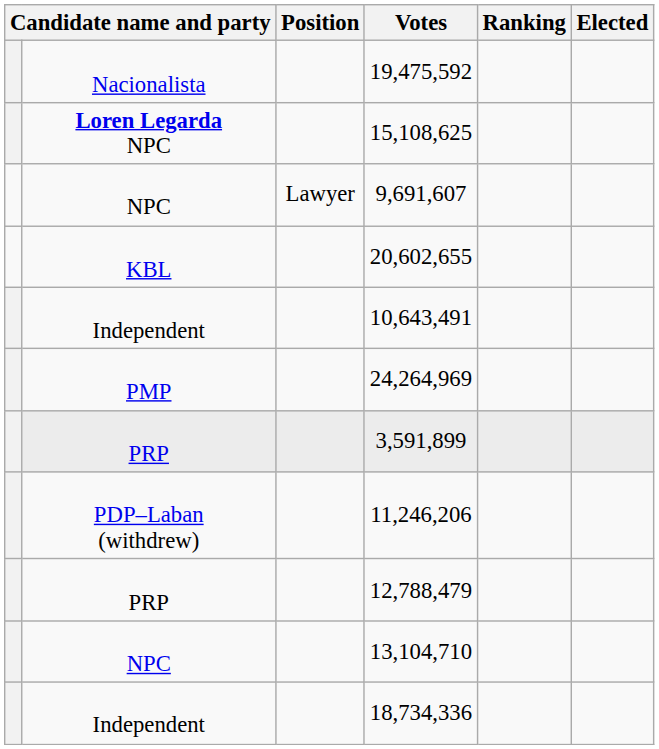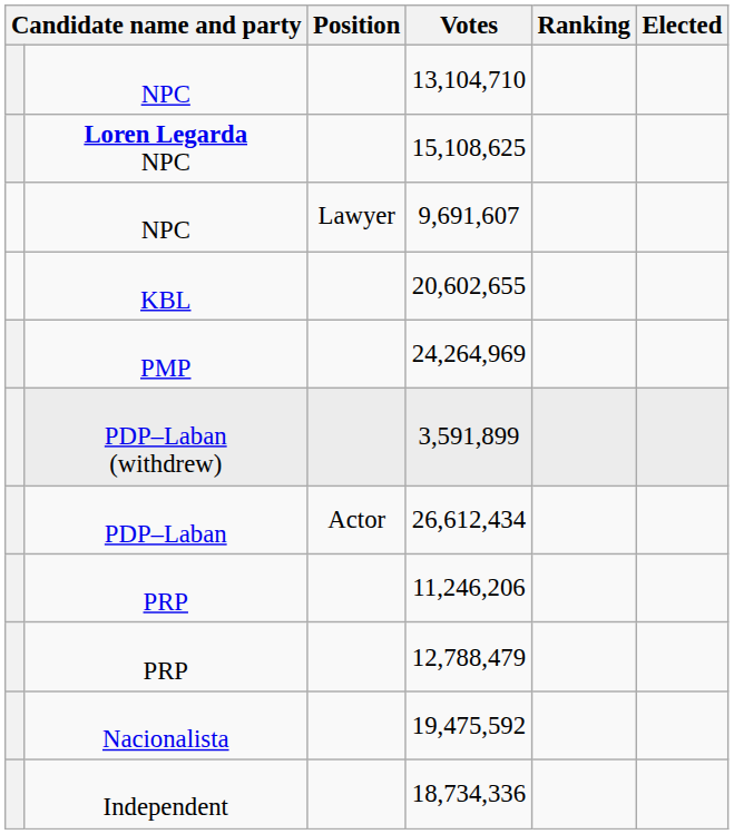 <table class="wikitable sortable" style="text-align:center;font-size:100%;">
 <tr>
 <th colspan="2">Candidate name and party</th>
 <th>Position</th>
 <th>Votes</th>
 <th>Ranking</th>
 <th>Elected</th>
 </tr>
 <tr>
 <th style="background:"></th>
-<td><strong></strong><br><a href='#'>Nacionalista</a></td>
+<td><strong></strong><br><a href='#'>NPC</a></td>
 <td></td>
-<td>19,475,592</td>
+<td>13,104,710</td>
 <td></td>
 <td></td>
 </tr>
 <tr>
 <th style="background:"></th>
 <td><strong><a href='#'>Loren Legarda</a></strong><br>NPC</td>
 <td></td>
 <td>15,108,625</td>
 <td></td>
 <td></td>
 </tr>
 <tr>
 <td style="background:"></td>
 <td><strong></strong><br>NPC</td>
 <td>Lawyer</td>
 <td>9,691,607</td>
 <td></td>
 <td></td>
 </tr>
 <tr>
 <td style="background:"></td>
 <td><strong></strong><br><a href='#'>KBL</a></td>
 <td></td>
 <td>20,602,655</td>
 <td></td>
 <td></td>
 </tr>
 <tr>
-<th></th>
-<td><strong></strong><br>Independent</td>
-<td></td>
-<td>10,643,491</td>
-<td></td>
-<td></td>
-</tr>
-<tr>
 <th style="background:"></th>
 <td><strong></strong><br><a href='#'>PMP</a></td>
 <td></td>
 <td>24,264,969</td>
 <td></td>
 <td></td>
 </tr>
 <tr style="background:#ececec;">
 <th style="background:"></th>
-<td><strong></strong><br><a href='#'>PRP</a></td>
+<td><strong></strong><br><a href='#'>PDP–Laban</a><br>(withdrew)</td>
 <td></td>
 <td>3,591,899 </td>
 <td></td>
 <td></td>
 </tr>
 <tr>
 <th style="background:"></th>
-<td><strong></strong><br><a href='#'>PDP–Laban</a><br>(withdrew)</td>
+<td><strong></strong><br><a href='#'>PDP–Laban</a></td>
+<td>Actor</td>
+<td>26,612,434</td>
+<td></td>
+<td></td>
+</tr>
+<tr>
+<th style="background:"></th>
+<td><strong></strong><br><a href='#'>PRP</a></td>
 <td></td>
 <td>11,246,206</td>
 <td></td>
 <td></td>
 </tr>
 <tr>
 <th style="background:"></th>
 <td><strong></strong><br>PRP</td>
 <td></td>
 <td>12,788,479</td>
 <td></td>
 <td></td>
 </tr>
 <tr>
 <th style="background:"></th>
-<td><strong></strong><br><a href='#'>NPC</a></td>
+<td><strong></strong><br><a href='#'>Nacionalista</a></td>
 <td></td>
-<td>13,104,710</td>
+<td>19,475,592</td>
 <td></td>
 <td></td>
 </tr>
 <tr>
 <th></th>
 <td><strong></strong><br>Independent</td>
 <td></td>
 <td>18,734,336</td>
 <td></td>
 <td></td>
 </tr>
 </table>
